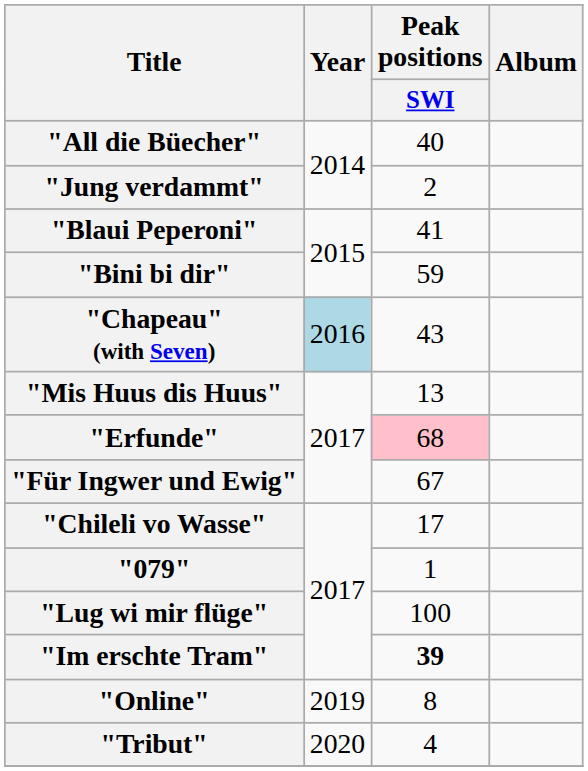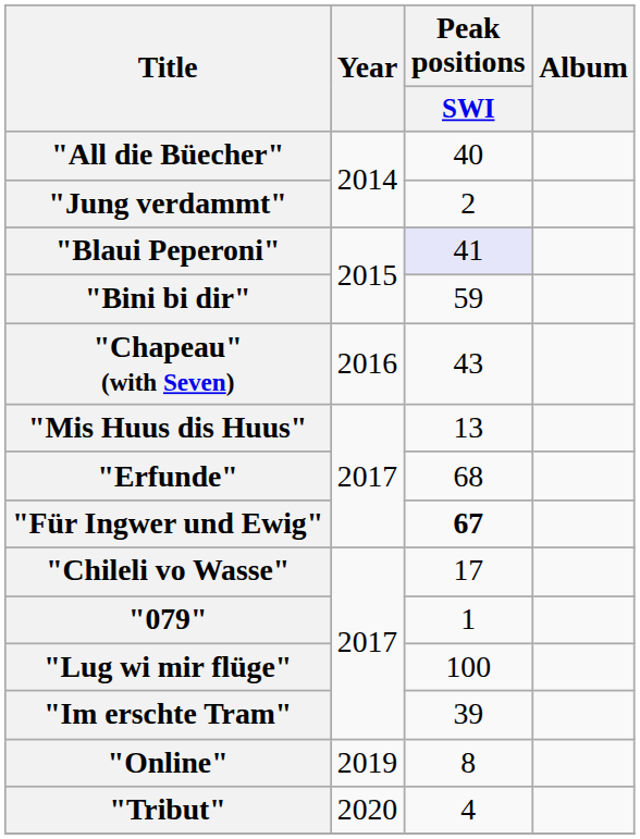 <table class="wikitable plainrowheaders" style="text-align:center">
 <tr>
 <th scope="col" rowspan="2">Title</th>
 <th scope="col" rowspan="2">Year</th>
 <th scope="col" colspan="1">Peak positions</th>
 <th rowspan="2">Album</th>
 </tr>
 <tr>
 <th scope="col" style="width:3em;font-size:90%;"><a href='#'>SWI</a><br></th>
 </tr>
 <tr>
 <th scope="row">"All die Büecher"</th>
 <td rowspan=2>2014</td>
 <td>40</td>
 <td></td>
 </tr>
 <tr>
 <th scope="row">"Jung verdammt"</th>
 <td>2</td>
 <td></td>
 </tr>
 <tr>
 <th scope="row">"Blaui Peperoni"</th>
 <td rowspan=2>2015</td>
-<td>41</td>
+<td style="background: lavender;">41</td>
 <td></td>
 </tr>
 <tr>
 <th scope="row">"Bini bi dir"</th>
 <td>59</td>
 <td></td>
 </tr>
 <tr>
 <th scope="row">"Chapeau" <br><small>(with <a href='#'>Seven</a>)</small></th>
-<td style="background: lightblue;">2016</td>
+<td>2016</td>
 <td>43</td>
 <td></td>
 </tr>
 <tr>
 <th scope="row">"Mis Huus dis Huus"</th>
 <td rowspan=3>2017</td>
 <td>13</td>
 <td></td>
 </tr>
 <tr>
 <th scope="row">"Erfunde"</th>
-<td style="background: pink;">68</td>
+<td>68</td>
 <td></td>
 </tr>
 <tr>
 <th scope="row">"Für Ingwer und Ewig"</th>
-<td>67</td>
+<td><strong>67</strong></td>
 <td></td>
 </tr>
 <tr>
 <th scope="row">"Chileli vo Wasse"</th>
 <td rowspan=4>2017</td>
 <td>17</td>
 <td></td>
 </tr>
 <tr>
 <th scope="row">"079"</th>
 <td>1</td>
 <td></td>
 </tr>
 <tr>
 <th scope="row">"Lug wi mir flüge"</th>
 <td>100</td>
 <td></td>
 </tr>
 <tr>
 <th scope="row">"Im erschte Tram"</th>
-<td><strong>39</strong></td>
+<td>39</td>
 <td></td>
 </tr>
 <tr>
 <th scope="row">"Online"</th>
 <td>2019</td>
 <td>8</td>
 <td></td>
 </tr>
 <tr>
 <th scope="row">"Tribut"</th>
 <td>2020</td>
 <td>4</td>
 <td></td>
 </tr>
 <tr>
 </tr>
 </table>
